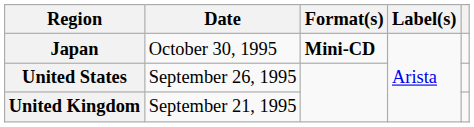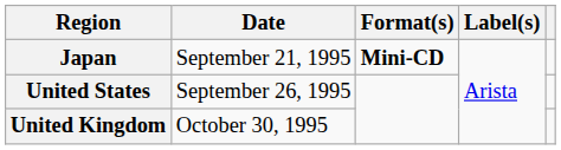 <table class="wikitable plainrowheaders">
 <tr>
 <th scope="col">Region</th>
 <th scope="col">Date</th>
 <th scope="col">Format(s)</th>
 <th scope="col">Label(s)</th>
 <th scope="col"></th>
 </tr>
 <tr>
 <th scope="row">Japan</th>
-<td>October 30, 1995</td>
+<td>September 21, 1995</td>
 <td><strong>Mini-CD</strong></td>
 <td rowspan="3"><a href='#'>Arista</a></td>
 <td></td>
 </tr>
 <tr>
 <th scope="row">United States</th>
 <td>September 26, 1995</td>
 <td rowspan="2"></td>
 <td></td>
 </tr>
 <tr>
 <th scope="row">United Kingdom</th>
-<td>September 21, 1995</td>
+<td>October 30, 1995</td>
 <td></td>
 </tr>
 </table>
